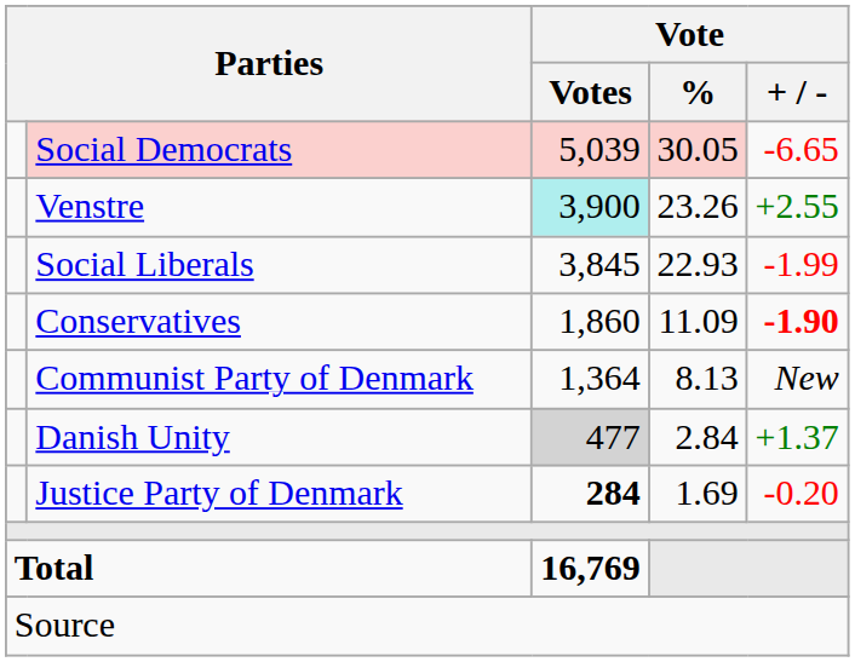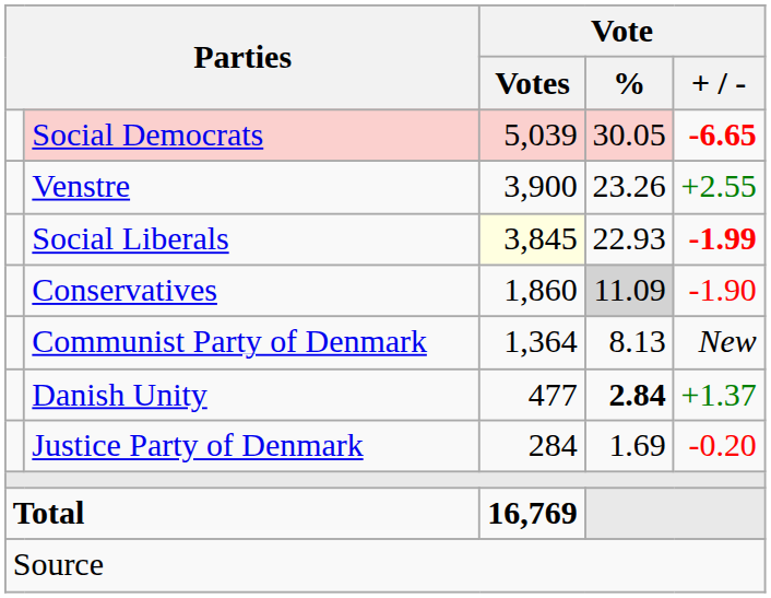 <table class="wikitable" style="text-align:right;">
 <tr>
 <th style="text-align:centre;" rowspan="2" colspan="2" width="225">Parties</th>
 <th colspan="3">Vote</th>
 </tr>
 <tr>
 <th width="15">Votes</th>
 <th width="15">%</th>
 <th width="15">+ / -</th>
 </tr>
 <tr>
 <td width="2" style="color:inherit;background:"></td>
 <td bgcolor=#fbd0ce  align="left"><a href='#'>Social Democrats</a></td>
 <td bgcolor=#fbd0ce>5,039</td>
 <td bgcolor=#fbd0ce>30.05</td>
-<td style=color:red;>-6.65</td>
+<td style=color:red;><strong>-6.65</strong></td>
 </tr>
 <tr>
 <td width="2" style="color:inherit;background:"></td>
 <td align="left"><a href='#'>Venstre</a></td>
-<td style="background: paleturquoise;">3,900</td>
+<td>3,900</td>
 <td>23.26</td>
 <td style=color:green;>+2.55</td>
 </tr>
 <tr>
 <td width="2" style="color:inherit;background:"></td>
 <td align="left"><a href='#'>Social Liberals</a></td>
-<td>3,845</td>
+<td style="background: lightyellow;">3,845</td>
 <td>22.93</td>
-<td style=color:red;>-1.99</td>
+<td style=color:red;><strong>-1.99</strong></td>
 </tr>
 <tr>
 <td width="2" style="color:inherit;background:"></td>
 <td align="left"><a href='#'>Conservatives</a></td>
 <td>1,860</td>
-<td>11.09</td>
-<td style=color:red;><strong>-1.90</strong></td>
+<td style="background: lightgrey;">11.09</td>
+<td style=color:red;>-1.90</td>
 </tr>
 <tr>
 <td width="2" style="color:inherit;background:"></td>
 <td align="left"><a href='#'>Communist Party of Denmark</a></td>
 <td>1,364</td>
 <td>8.13</td>
 <td><em>New</em></td>
 </tr>
 <tr>
 <td width="2" style="color:inherit;background:"></td>
 <td align="left"><a href='#'>Danish Unity</a></td>
-<td style="background: lightgrey;">477</td>
-<td>2.84</td>
+<td>477</td>
+<td><strong>2.84</strong></td>
 <td style=color:green;>+1.37</td>
 </tr>
 <tr>
 <td width="2" style="color:inherit;background:"></td>
 <td align="left"><a href='#'>Justice Party of Denmark</a></td>
-<td><strong>284</strong></td>
+<td>284</td>
 <td>1.69</td>
 <td style=color:red;>-0.20</td>
 </tr>
 <tr>
 <td colspan="7" bgcolor="#E9E9E9"></td>
 </tr>
 <tr>
 <td align="left" colspan="2"><strong>Total</strong></td>
 <td><strong>16,769</strong></td>
 <td bgcolor="#E9E9E9" colspan="2"></td>
 </tr>
 <tr>
 <td align="left" colspan="6">Source</td>
 </tr>
 </table>
